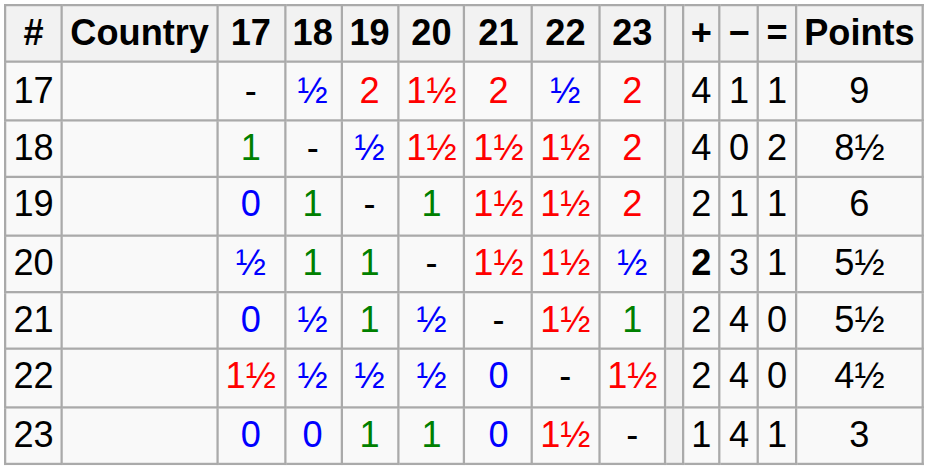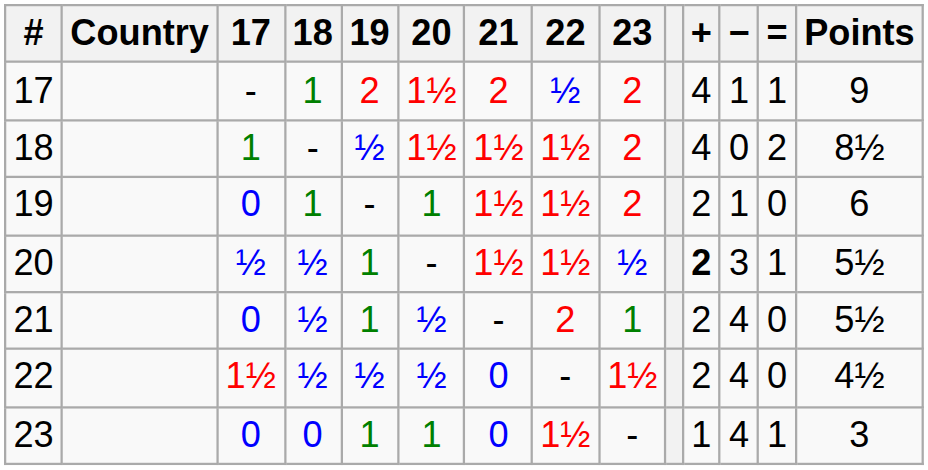 <table class="wikitable" style="text-align:center">
 <tr>
 <th>#</th>
 <th>Country</th>
 <th>17</th>
 <th>18</th>
 <th>19</th>
 <th>20</th>
 <th>21</th>
 <th>22</th>
 <th>23</th>
 <th></th>
 <th>+</th>
 <th>−</th>
 <th>=</th>
 <th>Points</th>
 </tr>
 <tr>
 <td>17</td>
 <td style="text-align: left"></td>
 <td>-</td>
-<td style="color:blue;">½</td>
+<td style="color:green;">1</td>
 <td style="color:red;">2</td>
 <td style="color:red;">1½</td>
 <td style="color:red;">2</td>
 <td style="color:blue;">½</td>
 <td style="color:red;">2</td>
 <th></th>
 <td>4</td>
 <td>1</td>
 <td>1</td>
 <td>9</td>
 </tr>
 <tr>
 <td>18</td>
 <td style="text-align: left"></td>
 <td style="color:green;">1</td>
 <td>-</td>
 <td style="color:blue;">½</td>
 <td style="color:red;">1½</td>
 <td style="color:red;">1½</td>
 <td style="color:red;">1½</td>
 <td style="color:red;">2</td>
 <th></th>
 <td>4</td>
 <td>0</td>
 <td>2</td>
 <td>8½</td>
 </tr>
 <tr>
 <td>19</td>
 <td style="text-align: left"></td>
 <td style="color:blue;">0</td>
 <td style="color:green;">1</td>
 <td>-</td>
 <td style="color:green;">1</td>
 <td style="color:red;">1½</td>
 <td style="color:red;">1½</td>
 <td style="color:red;">2</td>
 <th></th>
 <td>2</td>
 <td>1</td>
-<td>1</td>
+<td>0</td>
 <td>6</td>
 </tr>
 <tr>
 <td>20</td>
 <td style="text-align: left"></td>
 <td style="color:blue;">½</td>
-<td style="color:green;">1</td>
+<td style="color:blue;">½</td>
 <td style="color:green;">1</td>
 <td>-</td>
 <td style="color:red;">1½</td>
 <td style="color:red;">1½</td>
 <td style="color:blue;">½</td>
 <th></th>
 <td><strong>2</strong></td>
 <td>3</td>
 <td>1</td>
 <td>5½</td>
 </tr>
 <tr>
 <td>21</td>
 <td style="text-align: left"></td>
 <td style="color:blue;">0</td>
 <td style="color:blue;">½</td>
 <td style="color:green;">1</td>
 <td style="color:blue;">½</td>
 <td>-</td>
-<td style="color:red;">1½</td>
+<td style="color:red;">2</td>
 <td style="color:green;">1</td>
 <th></th>
 <td>2</td>
 <td>4</td>
 <td>0</td>
 <td>5½</td>
 </tr>
 <tr>
 <td>22</td>
 <td style="text-align: left"></td>
 <td style="color:red;">1½</td>
 <td style="color:blue;">½</td>
 <td style="color:blue;">½</td>
 <td style="color:blue;">½</td>
 <td style="color:blue;">0</td>
 <td>-</td>
 <td style="color:red;">1½</td>
 <th></th>
 <td>2</td>
 <td>4</td>
 <td>0</td>
 <td>4½</td>
 </tr>
 <tr>
 <td>23</td>
 <td style="text-align: left"></td>
 <td style="color:blue;">0</td>
 <td style="color:blue;">0</td>
 <td style="color:green;">1</td>
 <td style="color:green;">1</td>
 <td style="color:blue;">0</td>
 <td style="color:red;">1½</td>
 <td>-</td>
 <th></th>
 <td>1</td>
 <td>4</td>
 <td>1</td>
 <td>3</td>
 </tr>
 </table>
